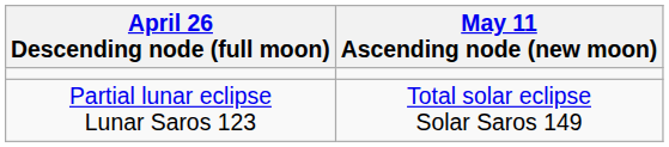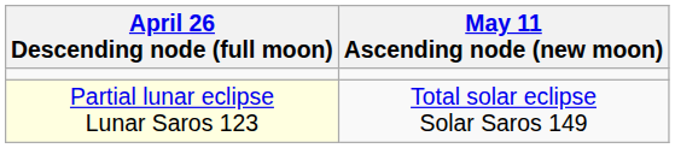 <table class="wikitable">
 <tr>
 <th><a href='#'>April 26</a><br>Descending node (full moon)<br></th>
 <th><a href='#'>May 11</a><br>Ascending node (new moon)<br></th>
 </tr>
 <tr>
 <td></td>
 <td></td>
 </tr>
 <tr align=center>
-<td><a href='#'>Partial lunar eclipse</a><br>Lunar Saros 123</td>
+<td style="background: lightyellow;"><a href='#'>Partial lunar eclipse</a><br>Lunar Saros 123</td>
 <td><a href='#'>Total solar eclipse</a><br>Solar Saros 149</td>
 </tr>
 </table>
